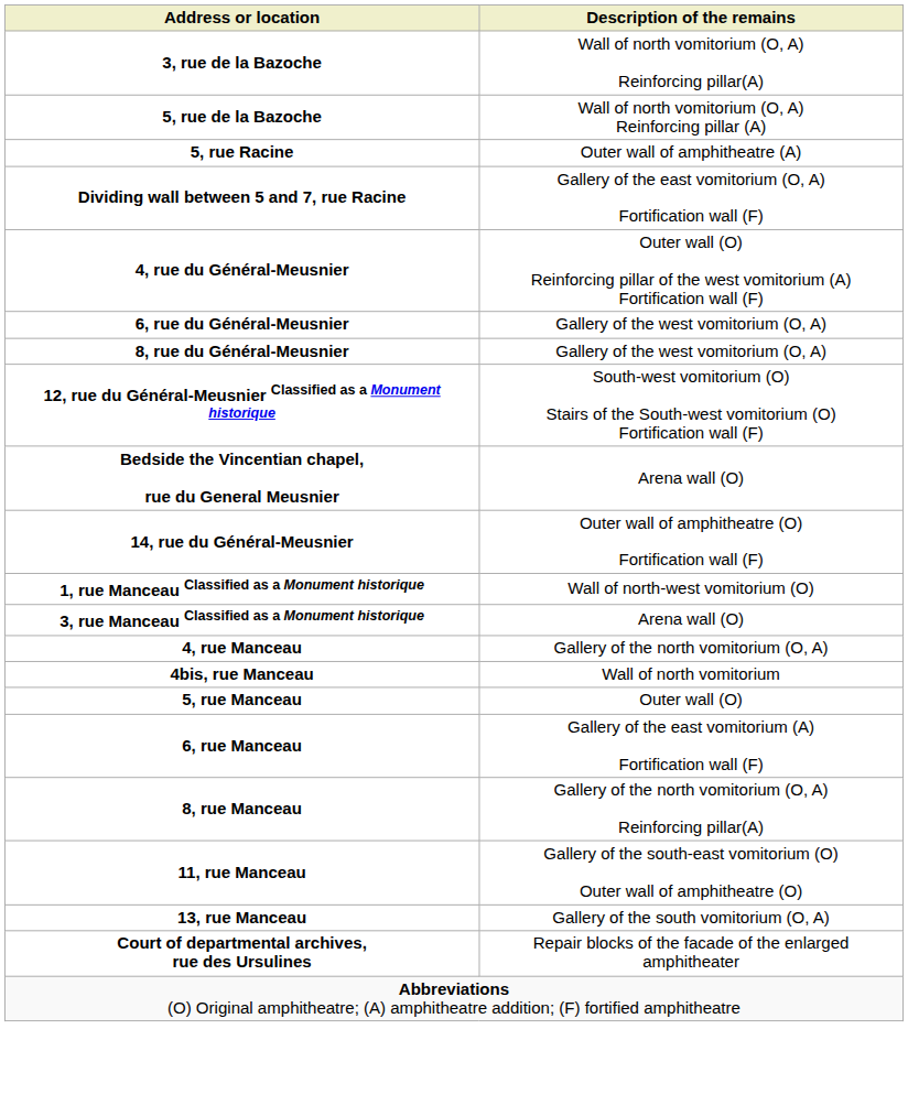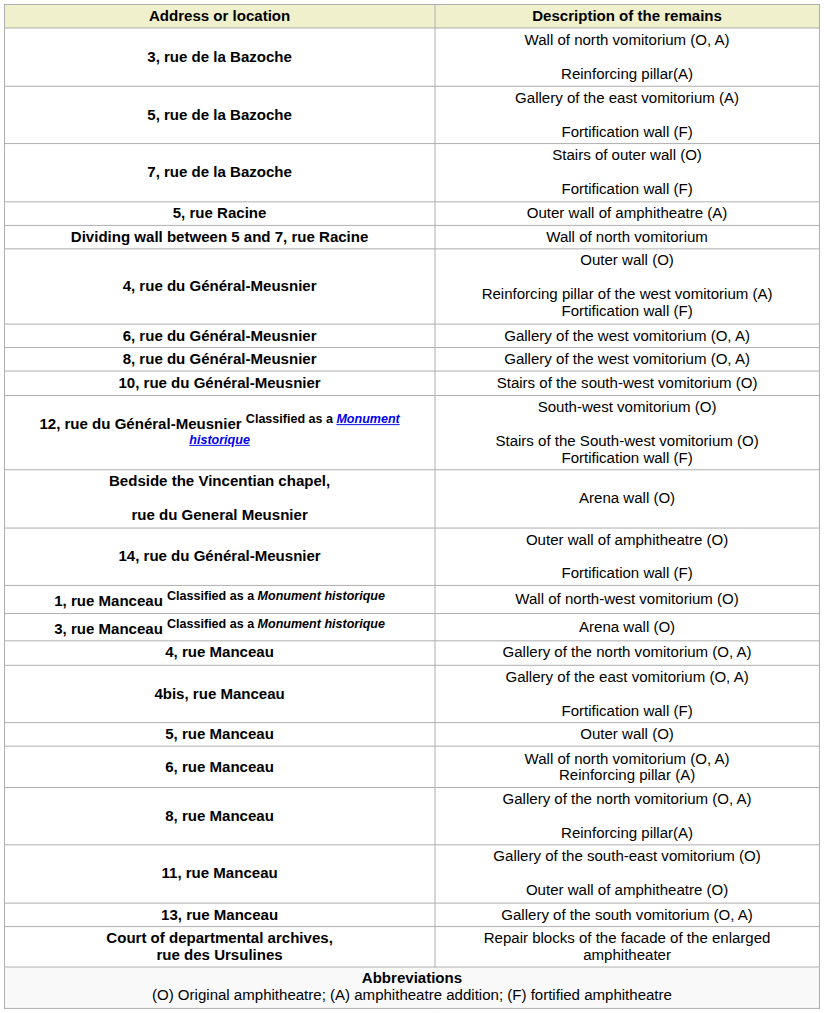 <table class="wikitable centre" style="text-align: center; margin-bottom: 10px;">
 <tr>
 <th scope="col" style="background: #f0f0cc; color:#000000;">Address or location</th>
 <th scope="col" style="background: #f0f0cc; color:#000000;">Description of the remains<br></th>
 </tr>
 <tr>
 <th scope="row" style="background: #FFFFFF; color:#000000;">3, rue de la Bazoche</th>
 <td style="background: #FFFFFF; color:#000000;">Wall of north vomitorium (O, A)<br><br>Reinforcing pillar(A)</td>
 </tr>
 <tr>
 <th scope="row" style="background: #FFFFFF; color:#000000;">5, rue de la Bazoche</th>
-<td style="background: #FFFFFF; color:#000000;">Wall of north vomitorium (O, A)<br>Reinforcing pillar (A)</td>
+<td style="background: #FFFFFF; color:#000000;">Gallery of the east vomitorium (A)<br><br>Fortification wall (F)</td>
+</tr>
+<tr>
+<th scope="row" style="background: #FFFFFF; color:#000000;">7, rue de la Bazoche</th>
+<td style="background: #FFFFFF; color:#000000;">Stairs of outer wall (O)<br><br>Fortification wall (F)</td>
 </tr>
 <tr>
 <th scope="row" style="background: #FFFFFF; color:#000000;">5, rue Racine</th>
 <td style="background: #FFFFFF; color:#000000;">Outer wall of amphitheatre (A)</td>
 </tr>
 <tr>
 <th scope="row" style="background: #FFFFFF; color:#000000;">Dividing wall between 5 and 7, rue Racine</th>
-<td style="background: #FFFFFF; color:#000000;">Gallery of the east vomitorium (O, A)<br><br>Fortification wall (F)</td>
+<td style="background: #FFFFFF; color:#000000;">Wall of north vomitorium</td>
 </tr>
 <tr>
 <th scope="row" style="background: #FFFFFF; color:#000000;">4, rue du Général-Meusnier</th>
 <td style="background: #FFFFFF; color:#000000;">Outer wall (O)<br><br>Reinforcing pillar of the west vomitorium (A)<br> Fortification wall (F)</td>
 </tr>
 <tr>
 <th scope="row" style="background: #FFFFFF; color:#000000;">6, rue du Général-Meusnier</th>
 <td style="background: #FFFFFF; color:#000000;">Gallery of the west vomitorium (O, A)</td>
 </tr>
 <tr>
 <th scope="row" style="background: #FFFFFF; color:#000000;">8, rue du Général-Meusnier</th>
 <td style="background: #FFFFFF; color:#000000;">Gallery of the west vomitorium (O, A)</td>
+</tr>
+<tr>
+<th scope="row" style="background: #FFFFFF; color:#000000;">10, rue du Général-Meusnier</th>
+<td style="background: #FFFFFF; color:#000000;">Stairs of the south-west vomitorium (O)</td>
 </tr>
 <tr>
 <th scope="row" style="background: #FFFFFF; color:#000000;">12, rue du Général-Meusnier <sup>Classified as a <em><a href='#'>Monument historique</a></em></sup> </th>
 <td style="background: #FFFFFF; color:#000000;">South-west vomitorium (O)<br><br>Stairs of the South-west vomitorium (O)<br> Fortification wall (F)</td>
 </tr>
 <tr>
 <th scope="row" style="background: #FFFFFF; color:#000000;">Bedside the Vincentian chapel,<br><br>rue du General Meusnier</th>
 <td style="background: #FFFFFF; color:#000000;">Arena wall (O)</td>
 </tr>
 <tr>
 <th scope="row" style="background: #FFFFFF; color:#000000;">14, rue du Général-Meusnier</th>
 <td style="background: #FFFFFF; color:#000000;">Outer wall of amphitheatre (O)<br><br>Fortification wall (F)</td>
 </tr>
 <tr>
 <th scope="row" style="background: #FFFFFF; color:#000000;">1, rue Manceau <sup>Classified as a <em>Monument historique</em></sup> </th>
 <td style="background: #FFFFFF; color:#000000;">Wall of north-west vomitorium (O)</td>
 </tr>
 <tr>
 <th scope="row" style="background: #FFFFFF; color:#000000;">3, rue Manceau <sup>Classified as a <em>Monument historique</em></sup> </th>
 <td style="background: #FFFFFF; color:#000000;">Arena wall (O)</td>
 </tr>
 <tr>
 <th scope="row" style="background: #FFFFFF; color:#000000;">4, rue Manceau</th>
 <td style="background: #FFFFFF; color:#000000;">Gallery of the north vomitorium (O, A)</td>
 </tr>
 <tr>
 <th scope="row" style="background: #FFFFFF; color:#000000;">4bis, rue Manceau</th>
-<td style="background: #FFFFFF; color:#000000;">Wall of north vomitorium</td>
+<td style="background: #FFFFFF; color:#000000;">Gallery of the east vomitorium (O, A)<br><br>Fortification wall (F)</td>
 </tr>
 <tr>
 <th scope="row" style="background: #FFFFFF; color:#000000;">5, rue Manceau</th>
 <td style="background: #FFFFFF; color:#000000;">Outer wall (O)</td>
 </tr>
 <tr>
 <th scope="row" style="background: #FFFFFF; color:#000000;">6, rue Manceau</th>
-<td style="background: #FFFFFF; color:#000000;">Gallery of the east vomitorium (A)<br><br>Fortification wall (F)</td>
+<td style="background: #FFFFFF; color:#000000;">Wall of north vomitorium (O, A)<br>Reinforcing pillar (A)</td>
 </tr>
 <tr>
 <th scope="row" style="background: #FFFFFF; color:#000000;">8, rue Manceau</th>
 <td style="background: #FFFFFF; color:#000000;">Gallery of the north vomitorium (O, A)<br><br>Reinforcing pillar(A)</td>
 </tr>
 <tr>
 <th scope="row" style="background: #FFFFFF; color:#000000;">11, rue Manceau</th>
 <td style="background: #FFFFFF; color:#000000;">Gallery of the south-east vomitorium (O)<br><br>Outer wall of amphitheatre (O)</td>
 </tr>
 <tr>
 <th scope="row" style="background: #FFFFFF; color:#000000;">13, rue Manceau</th>
 <td style="background: #FFFFFF; color:#000000;">Gallery of the south vomitorium (O, A)</td>
 </tr>
 <tr>
 <th scope="row" style="background: #FFFFFF; color:#000000;">Court of departmental archives, <br> rue des Ursulines</th>
 <td style="background: #FFFFFF; color:#000000;">Repair blocks of the facade of the enlarged amphitheater</td>
 </tr>
 <tr>
 <td colspan="2" style="text-align: center;"><strong>Abbreviations</strong><br>(O) Original amphitheatre; (A) amphitheatre addition; (F) fortified amphitheatre</td>
 </tr>
 </table>
